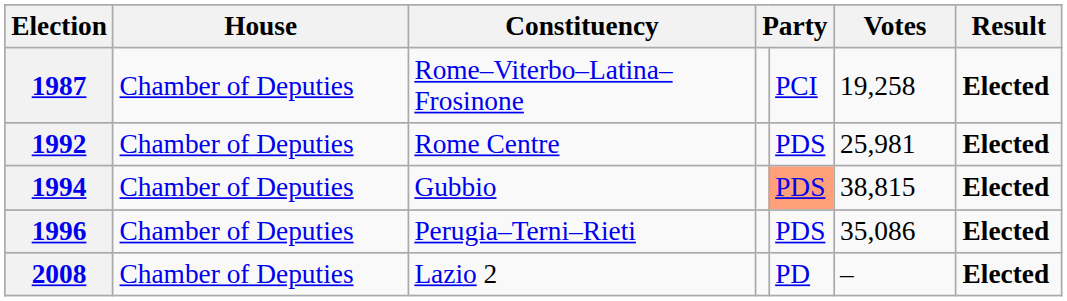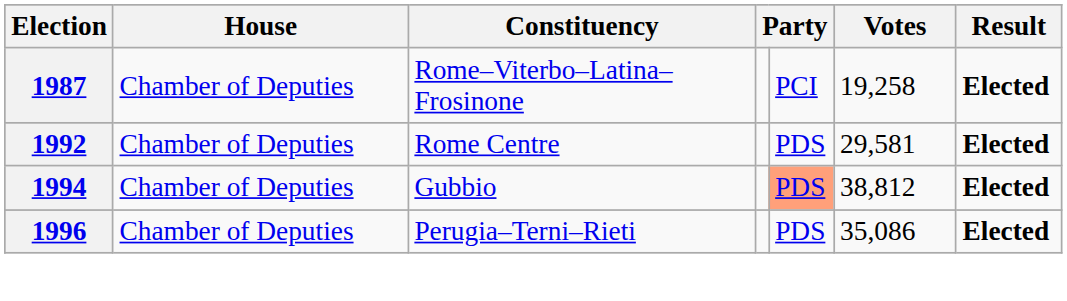 <table class=wikitable style="width:70%; border:1px #AAAAFF solid">
 <tr>
 <th width=8%>Election</th>
 <th width=30%>House</th>
 <th width=35%>Constituency</th>
 <th width=5% colspan="2">Party</th>
 <th width=12%>Votes</th>
 <th width=12%>Result</th>
 </tr>
 <tr>
 <th><a href='#'>1987</a></th>
 <td><a href='#'>Chamber of Deputies</a></td>
 <td><a href='#'>Rome–Viterbo–Latina–Frosinone</a></td>
 <td></td>
 <td><a href='#'>PCI</a></td>
 <td>19,258</td>
 <td> <strong>Elected</strong></td>
 </tr>
 <tr>
 <th><a href='#'>1992</a></th>
 <td><a href='#'>Chamber of Deputies</a></td>
 <td><a href='#'>Rome Centre</a></td>
 <td></td>
 <td><a href='#'>PDS</a></td>
-<td>25,981</td>
+<td>29,581</td>
 <td> <strong>Elected</strong></td>
 </tr>
 <tr>
 <th><a href='#'>1994</a></th>
 <td><a href='#'>Chamber of Deputies</a></td>
 <td><a href='#'>Gubbio</a></td>
 <td></td>
 <td style="background: lightsalmon;"><a href='#'>PDS</a></td>
-<td>38,815</td>
+<td>38,812</td>
 <td> <strong>Elected</strong></td>
 </tr>
 <tr>
 <th><a href='#'>1996</a></th>
 <td><a href='#'>Chamber of Deputies</a></td>
 <td><a href='#'>Perugia–Terni–Rieti</a></td>
 <td></td>
 <td><a href='#'>PDS</a></td>
 <td>35,086</td>
 <td> <strong>Elected</strong></td>
 </tr>
-<tr>
-<th><a href='#'>2008</a></th>
-<td><a href='#'>Chamber of Deputies</a></td>
-<td><a href='#'>Lazio</a> 2</td>
-<td></td>
-<td><a href='#'>PD</a></td>
-<td>–</td>
-<td> <strong>Elected</strong></td>
-</tr>
 </table>
